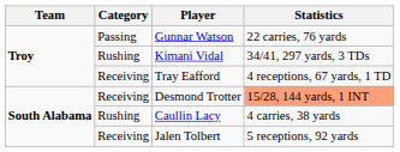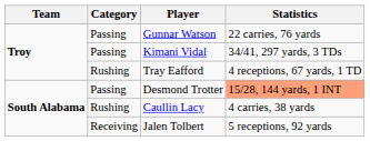 <table class="wikitable" style="float: left;">
 <tr>
 <th>Team</th>
 <th>Category</th>
 <th>Player</th>
 <th>Statistics</th>
 </tr>
 <tr>
 <td rowspan=3><strong>Troy</strong></td>
 <td>Passing</td>
 <td><a href='#'>Gunnar Watson</a></td>
 <td>22 carries, 76 yards</td>
 </tr>
 <tr>
-<td>Rushing</td>
+<td>Passing</td>
 <td><a href='#'>Kimani Vidal</a></td>
 <td>34/41, 297 yards, 3 TDs</td>
 </tr>
 <tr>
-<td>Receiving</td>
+<td>Rushing</td>
 <td>Tray Eafford</td>
 <td>4 receptions, 67 yards, 1 TD</td>
 </tr>
 <tr>
 <td rowspan=3><strong>South Alabama</strong></td>
-<td>Receiving</td>
+<td>Passing</td>
 <td>Desmond Trotter</td>
 <td style="background: lightsalmon;">15/28, 144 yards, 1 INT</td>
 </tr>
 <tr>
 <td>Rushing</td>
 <td><a href='#'>Caullin Lacy</a></td>
 <td>4 carries, 38 yards</td>
 </tr>
 <tr>
 <td>Receiving</td>
 <td>Jalen Tolbert</td>
 <td>5 receptions, 92 yards</td>
 </tr>
 </table>
